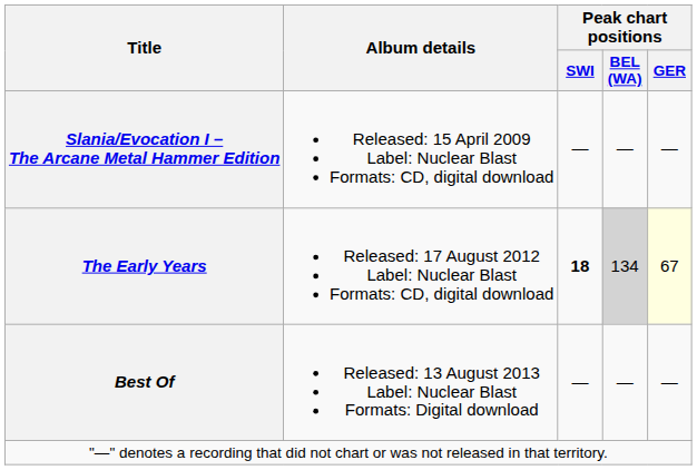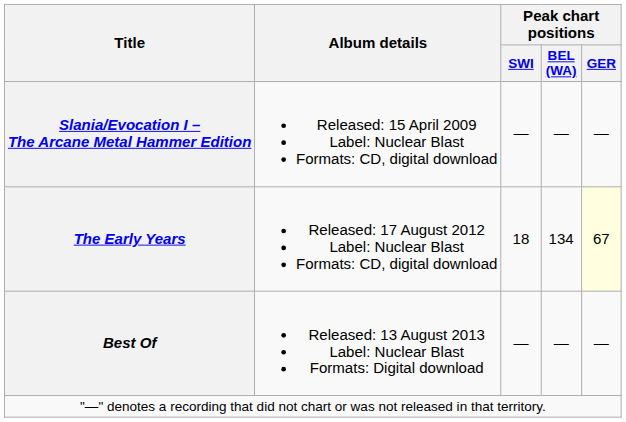 <table class="wikitable plainrowheaders" style="text-align:center;">
 <tr>
 <th scope="col" rowspan="2">Title</th>
 <th scope="col" rowspan="2">Album details</th>
 <th scope="col" colspan="3">Peak chart positions</th>
 </tr>
 <tr>
 <th scope="col" style="width:2.5em;font-size:90%;"><a href='#'>SWI</a><br></th>
 <th scope="col" style="width:2.5em;font-size:90%;"><a href='#'>BEL<br>(WA)</a><br></th>
 <th scope="col" style="width:2.5em;font-size:90%;"><a href='#'>GER</a><br></th>
 </tr>
 <tr>
 <th scope="row"><em><a href='#'>Slania/Evocation I –<br>The Arcane Metal Hammer Edition</a></em></th>
 <td><br><ul><li>Released: 15 April 2009</li><li>Label: Nuclear Blast</li><li>Formats: CD, digital download</li></ul></td>
 <td style="text-align:center;">—</td>
 <td style="text-align:center;">—</td>
 <td style="text-align:center;">—</td>
 </tr>
 <tr>
 <th scope="row"><em><a href='#'>The Early Years</a></em></th>
 <td><br><ul><li>Released: 17 August 2012</li><li>Label: Nuclear Blast</li><li>Formats: CD, digital download</li></ul></td>
-<td style="text-align:center;"><strong>18</strong></td>
-<td style="background: lightgrey; text-align:center;">134</td>
+<td style="text-align:center;">18</td>
+<td style="text-align:center;">134</td>
 <td style="background: lightyellow; text-align:center;">67</td>
 </tr>
 <tr>
 <th scope="row"><em>Best Of</em></th>
 <td><br><ul><li>Released: 13 August 2013</li><li>Label: Nuclear Blast</li><li>Formats: Digital download</li></ul></td>
 <td style="text-align:center;">—</td>
 <td style="text-align:center;">—</td>
 <td style="text-align:center;">—</td>
 </tr>
 <tr>
 <td colspan="15" style="font-size:90%">"—" denotes a recording that did not chart or was not released in that territory.</td>
 </tr>
 </table>
